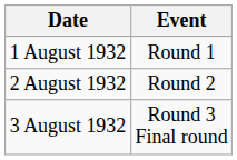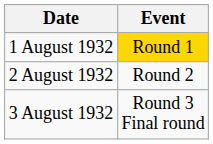 <table class = "wikitable" style="text-align:center;">
 <tr>
 <th>Date</th>
 <th>Event</th>
 </tr>
 <tr>
 <td>1 August 1932</td>
-<td>Round 1</td>
+<td style="background: gold;">Round 1</td>
 </tr>
 <tr>
 <td>2 August 1932</td>
 <td>Round 2</td>
 </tr>
 <tr>
 <td>3 August 1932</td>
 <td>Round 3<br>Final round</td>
 </tr>
 </table>
